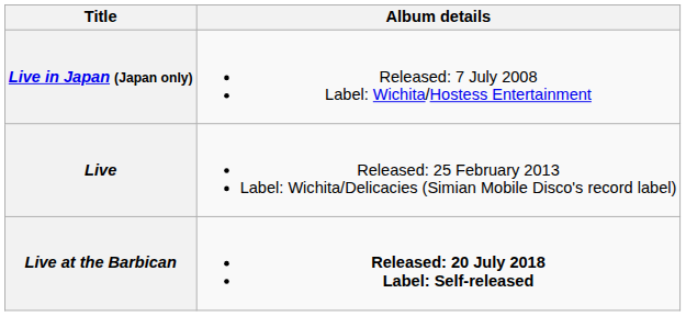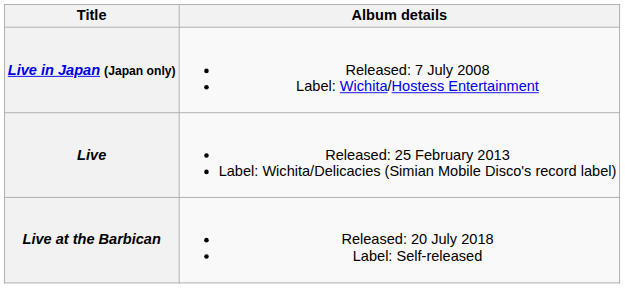 <table class="wikitable plainrowheaders" style="text-align:center;">
 <tr>
 <th scope="col">Title</th>
 <th scope="col">Album details</th>
 </tr>
 <tr>
 <th scope="row"><em><a href='#'>Live in Japan</a></em> <small>(Japan only)</small></th>
 <td><br><ul><li>Released: 7 July 2008</li><li>Label: <a href='#'>Wichita</a>/<a href='#'>Hostess Entertainment</a></li></ul></td>
 </tr>
 <tr>
 <th scope="row"><em>Live</em></th>
 <td><br><ul><li>Released: 25 February 2013</li><li>Label: Wichita/Delicacies (Simian Mobile Disco's record label)</li></ul></td>
 </tr>
 <tr>
 <th scope="row"><em>Live at the Barbican</em></th>
-<td><strong><br><ul><li>Released: 20 July 2018</li><li>Label: Self-released</li></ul></strong></td>
+<td><br><ul><li>Released: 20 July 2018</li><li>Label: Self-released</li></ul></td>
 </tr>
 </table>
